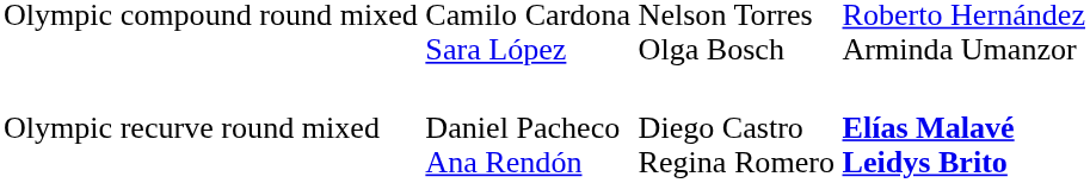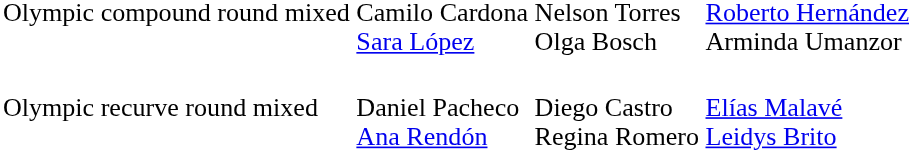 <table>
 <tr>
 <td>Olympic compound round mixed</td>
 <td><br>Camilo Cardona<br><a href='#'>Sara López</a></td>
 <td><br>Nelson Torres<br>Olga Bosch</td>
 <td><br><a href='#'>Roberto Hernández</a><br>Arminda Umanzor</td>
 </tr>
 <tr>
 <td>Olympic recurve round mixed</td>
 <td><br>Daniel Pacheco<br><a href='#'>Ana Rendón</a></td>
 <td><br>Diego Castro<br>Regina Romero</td>
-<td><strong><br><a href='#'>Elías Malavé</a><br><a href='#'>Leidys Brito</a></strong></td>
+<td><br><a href='#'>Elías Malavé</a><br><a href='#'>Leidys Brito</a></td>
 </tr>
 </table>
